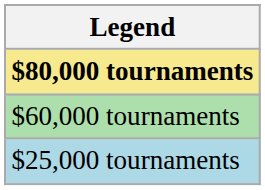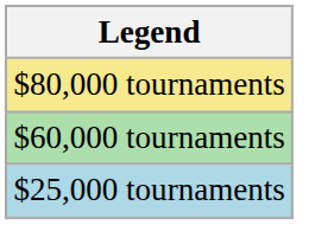 <table class=wikitable style=font-size:85%;>
 <tr>
 <th>Legend</th>
 </tr>
 <tr style="background:#f7e98e;">
-<td><strong>$80,000 tournaments</strong></td>
+<td>$80,000 tournaments</td>
 </tr>
 <tr style="background:#addfad;">
 <td>$60,000 tournaments</td>
 </tr>
 <tr style="background:lightblue;">
 <td>$25,000 tournaments</td>
 </tr>
 </table>
